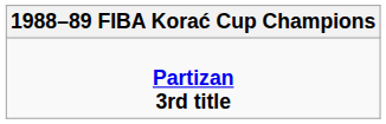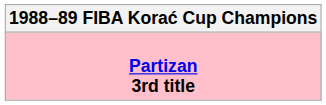 <table class=wikitable style="text-align:center; margin:auto">
 <tr>
 <th>1988–89 FIBA Korać Cup Champions</th>
 </tr>
 <tr>
-<td><br> <strong><a href='#'>Partizan</a></strong> <br> <strong>3rd title</strong></td>
+<td style="background: pink;"><br> <strong><a href='#'>Partizan</a></strong> <br> <strong>3rd title</strong></td>
 </tr>
 </table>
